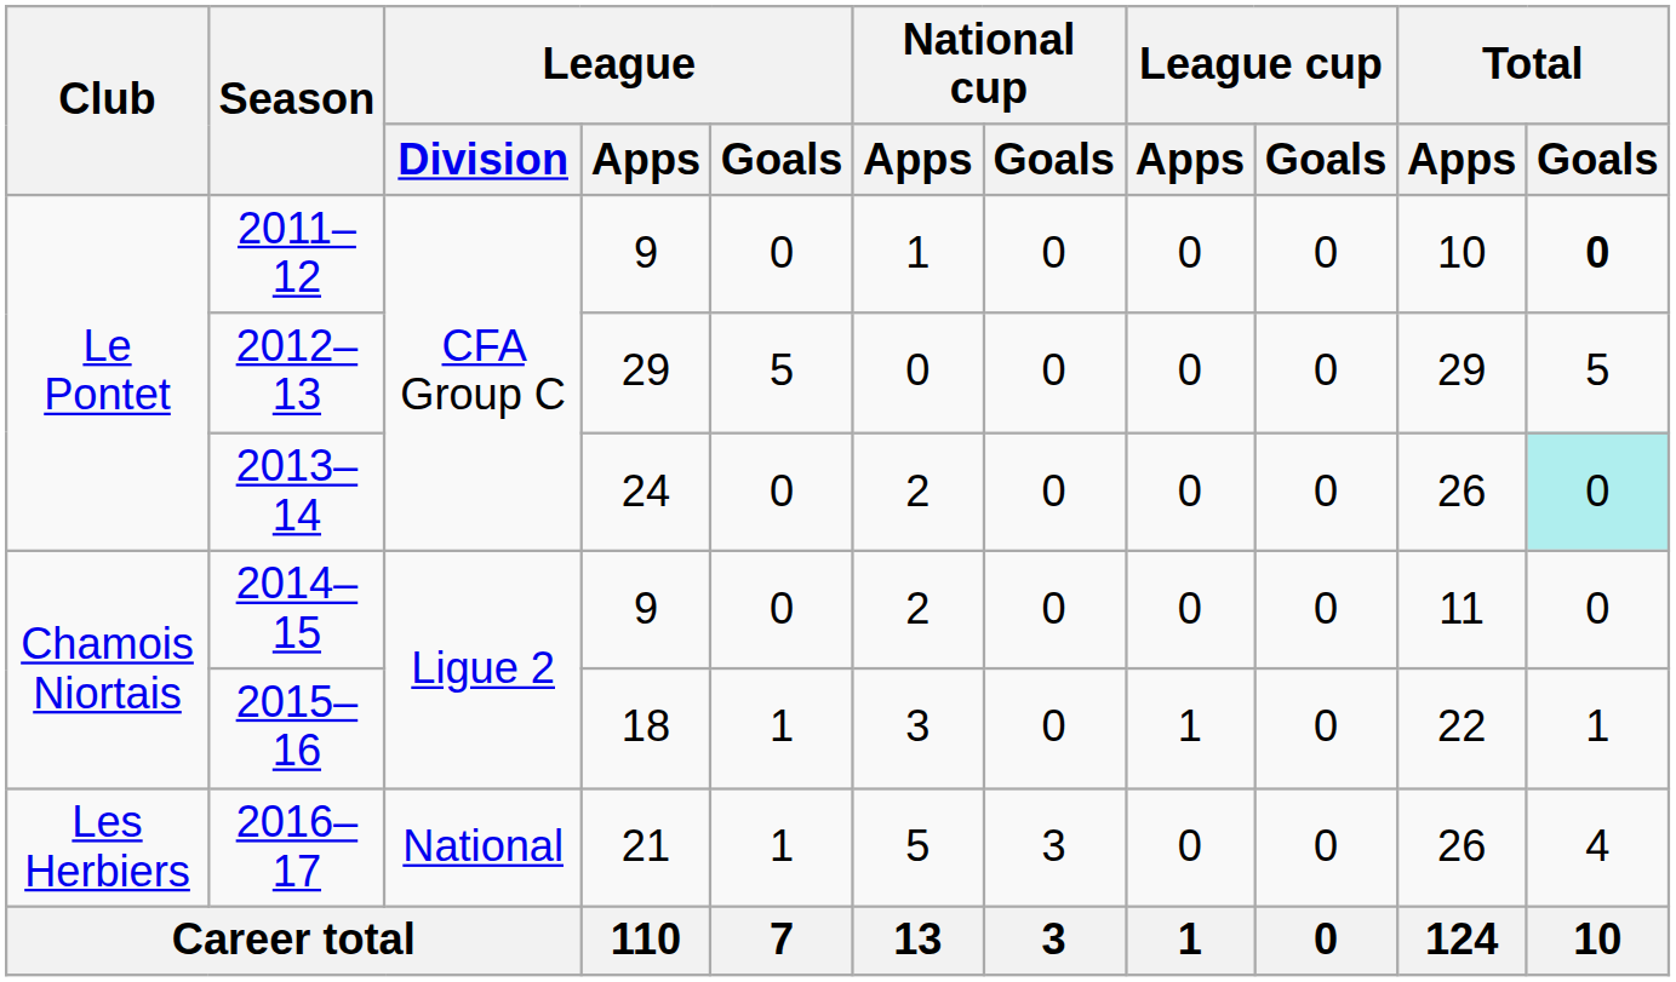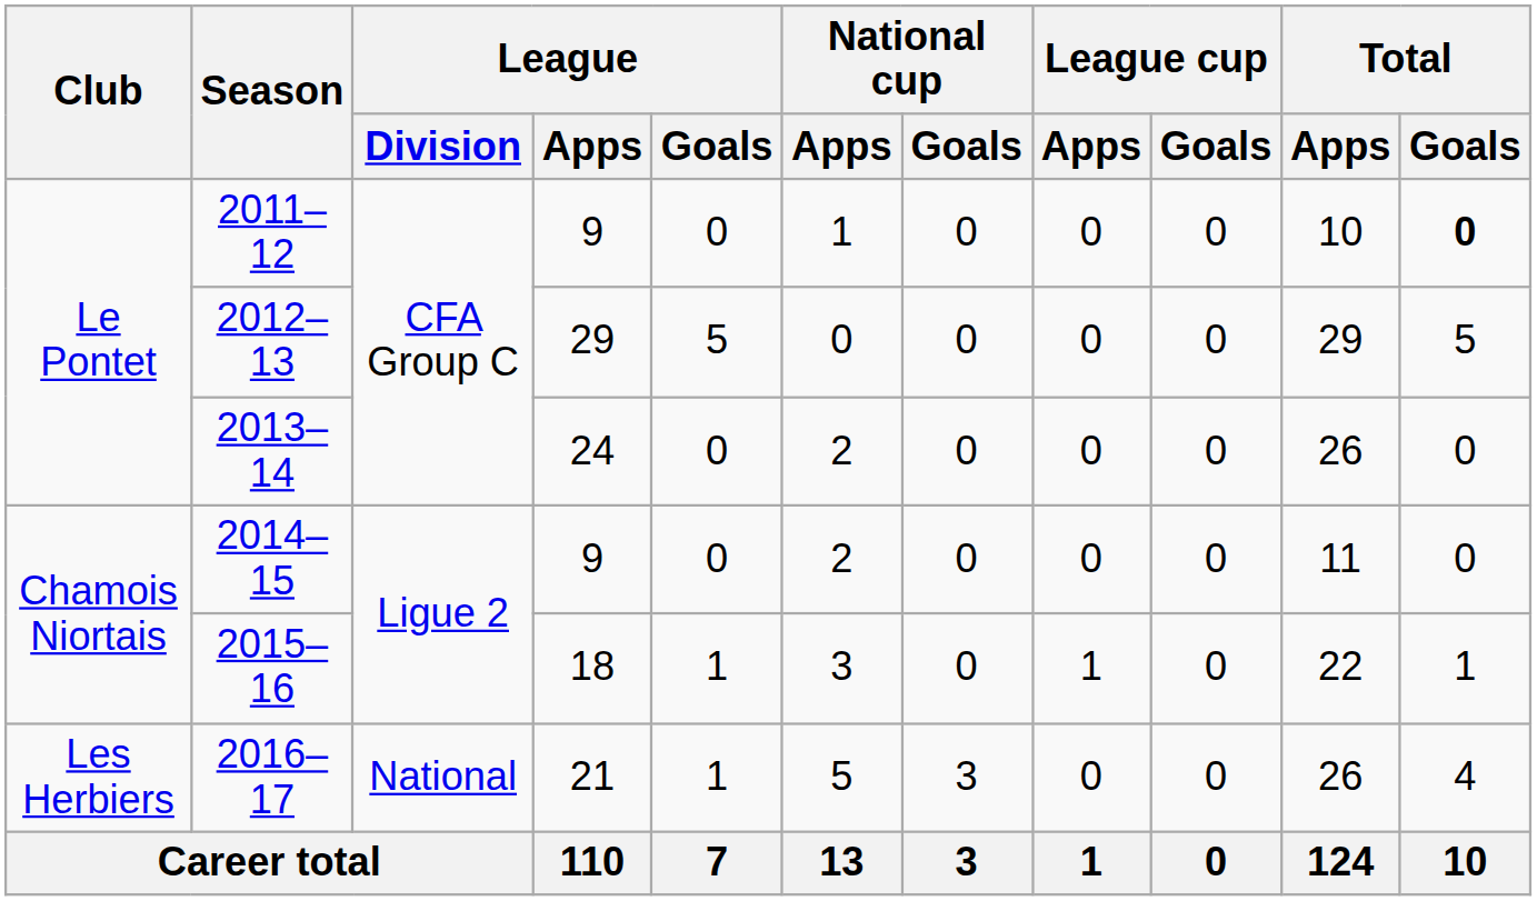 <table class="wikitable" style="text-align:center">
 <tr>
 <th rowspan="2">Club</th>
 <th rowspan="2">Season</th>
 <th colspan="3">League</th>
 <th colspan="2">National cup</th>
 <th colspan="2">League cup</th>
 <th colspan="2">Total</th>
 </tr>
 <tr>
 <th><a href='#'>Division</a></th>
 <th>Apps</th>
 <th>Goals</th>
 <th>Apps</th>
 <th>Goals</th>
 <th>Apps</th>
 <th>Goals</th>
 <th>Apps</th>
 <th>Goals</th>
 </tr>
 <tr>
 <td rowspan="3"><a href='#'>Le Pontet</a></td>
 <td><a href='#'>2011–12</a></td>
 <td rowspan="3"><a href='#'>CFA</a> Group C</td>
 <td>9</td>
 <td>0</td>
 <td>1</td>
 <td>0</td>
 <td>0</td>
 <td>0</td>
 <td>10</td>
 <td><strong>0</strong></td>
 </tr>
 <tr>
 <td><a href='#'>2012–13</a></td>
 <td>29</td>
 <td>5</td>
 <td>0</td>
 <td>0</td>
 <td>0</td>
 <td>0</td>
 <td>29</td>
 <td>5</td>
 </tr>
 <tr>
 <td><a href='#'>2013–14</a></td>
 <td>24</td>
 <td>0</td>
 <td>2</td>
 <td>0</td>
 <td>0</td>
 <td>0</td>
 <td>26</td>
-<td style="background: paleturquoise;">0</td>
+<td>0</td>
 </tr>
 <tr>
 <td rowspan="2"><a href='#'>Chamois Niortais</a></td>
 <td><a href='#'>2014–15</a></td>
 <td rowspan="2"><a href='#'>Ligue 2</a></td>
 <td>9</td>
 <td>0</td>
 <td>2</td>
 <td>0</td>
 <td>0</td>
 <td>0</td>
 <td>11</td>
 <td>0</td>
 </tr>
 <tr>
 <td><a href='#'>2015–16</a></td>
 <td>18</td>
 <td>1</td>
 <td>3</td>
 <td>0</td>
 <td>1</td>
 <td>0</td>
 <td>22</td>
 <td>1</td>
 </tr>
 <tr>
 <td><a href='#'>Les Herbiers</a></td>
 <td><a href='#'>2016–17</a></td>
 <td><a href='#'>National</a></td>
 <td>21</td>
 <td>1</td>
 <td>5</td>
 <td>3</td>
 <td>0</td>
 <td>0</td>
 <td>26</td>
 <td>4</td>
 </tr>
 <tr>
 <th colspan="3">Career total</th>
 <th>110</th>
 <th>7</th>
 <th>13</th>
 <th>3</th>
 <th>1</th>
 <th>0</th>
 <th>124</th>
 <th>10</th>
 </tr>
 </table>
